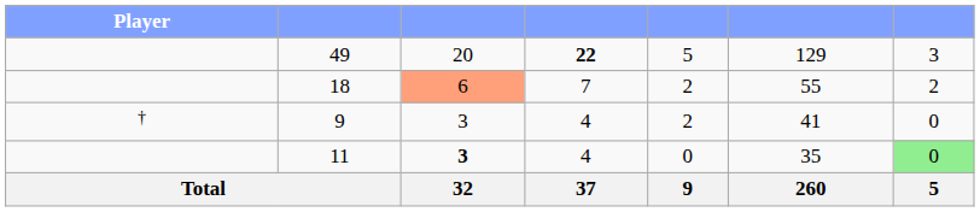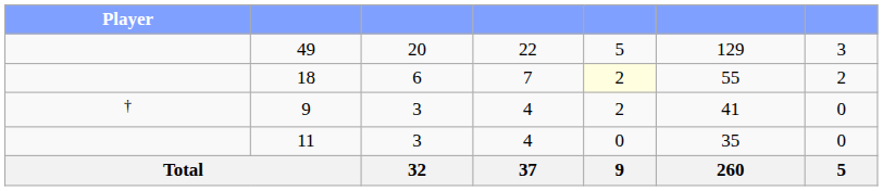 <table class="wikitable sortable" style="width:60%; text-align:center;">
 <tr>
 <th style="color:white; background:#80A0FF; ">Player</th>
 <th style="color:white; background:#80A0FF; "></th>
 <th style="color:white; background:#80A0FF; "></th>
 <th style="color:white; background:#80A0FF; "></th>
 <th style="color:white; background:#80A0FF; "></th>
 <th style="color:white; background:#80A0FF; "></th>
 <th style="color:white; background:#80A0FF; "></th>
 </tr>
 <tr>
 <td></td>
 <td>49</td>
 <td>20</td>
-<td><strong>22</strong></td>
+<td>22</td>
 <td>5</td>
 <td>129</td>
 <td>3</td>
 </tr>
 <tr>
 <td></td>
 <td>18</td>
-<td style="background: lightsalmon;">6</td>
+<td>6</td>
 <td>7</td>
-<td>2</td>
+<td style="background: lightyellow;">2</td>
 <td>55</td>
 <td>2</td>
 </tr>
 <tr>
 <td><sup>†</sup></td>
 <td>9</td>
 <td>3</td>
 <td>4</td>
 <td>2</td>
 <td>41</td>
 <td>0</td>
 </tr>
 <tr>
 <td></td>
 <td>11</td>
-<td><strong>3</strong></td>
+<td>3</td>
 <td>4</td>
 <td>0</td>
 <td>35</td>
-<td style="background: lightgreen;">0</td>
+<td>0</td>
 </tr>
 <tr class="sortbottom">
 <th colspan=2>Total</th>
 <th>32</th>
 <th>37</th>
 <th>9</th>
 <th>260</th>
 <th>5</th>
 </tr>
 </table>
